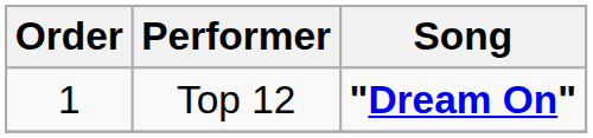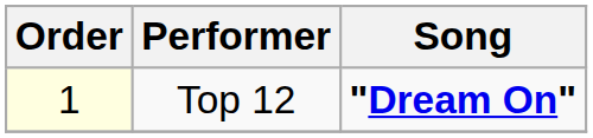 <table class="wikitable" style="text-align:center">
 <tr>
 <th>Order</th>
 <th>Performer</th>
 <th>Song</th>
 </tr>
 <tr>
-<td>1</td>
+<td style="background: lightyellow;">1</td>
 <td>Top 12</td>
 <td><strong>"<a href='#'>Dream On</a>"</strong></td>
 </tr>
 <tr>
 </tr>
 </table>
